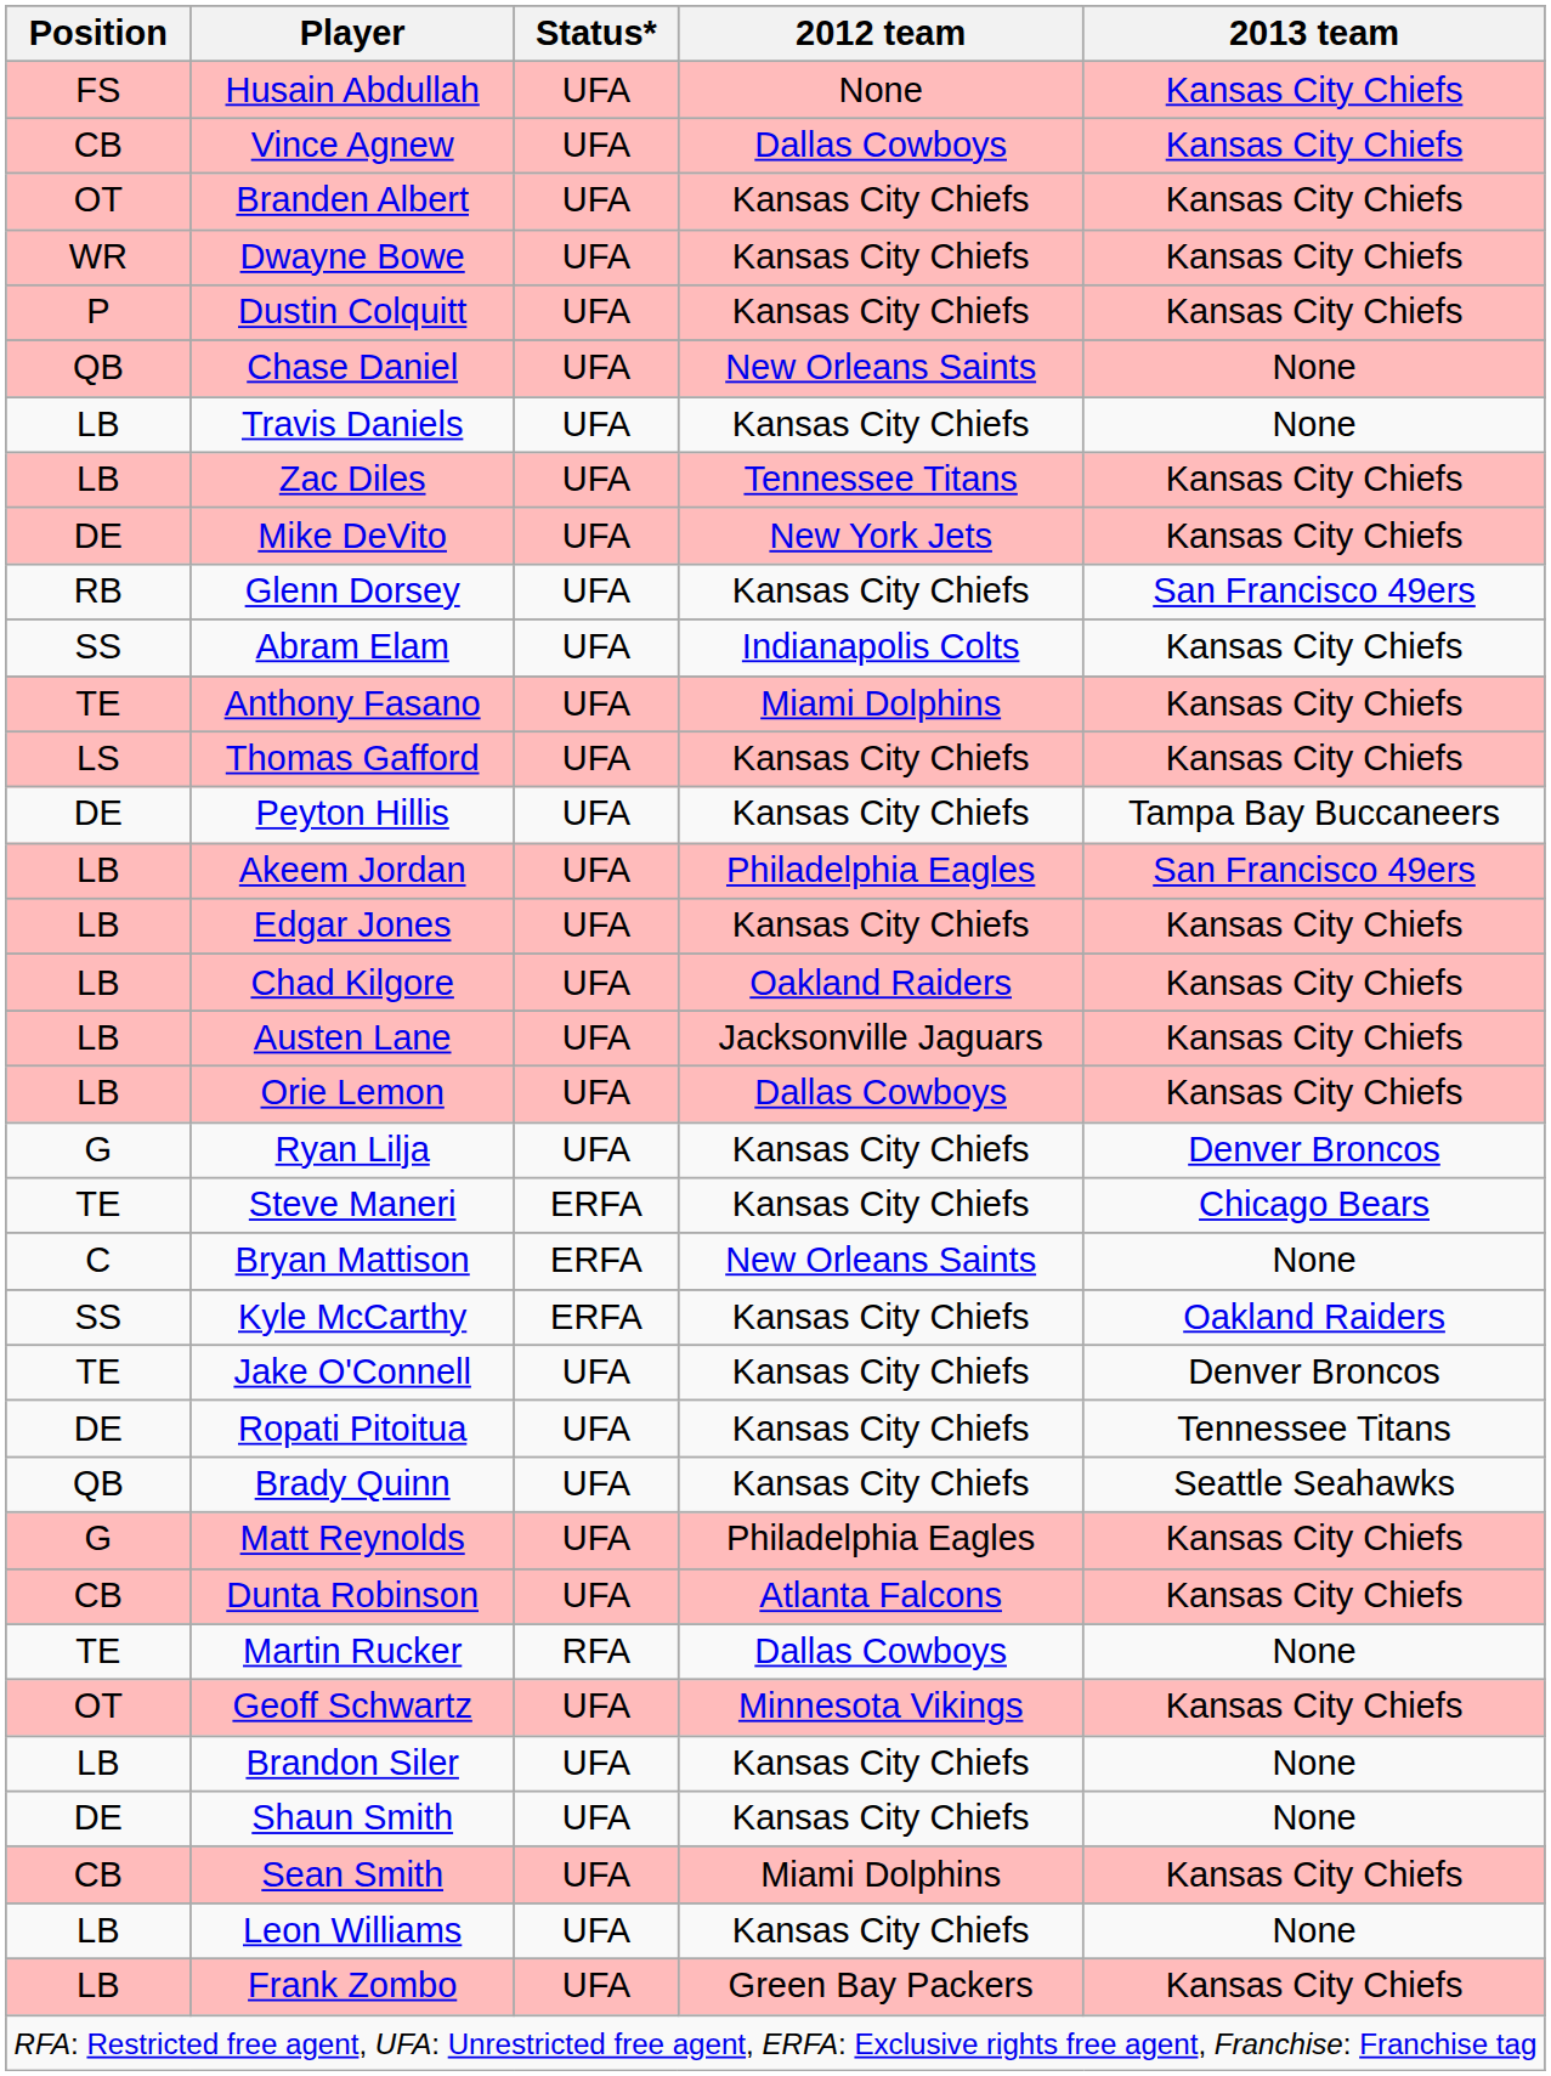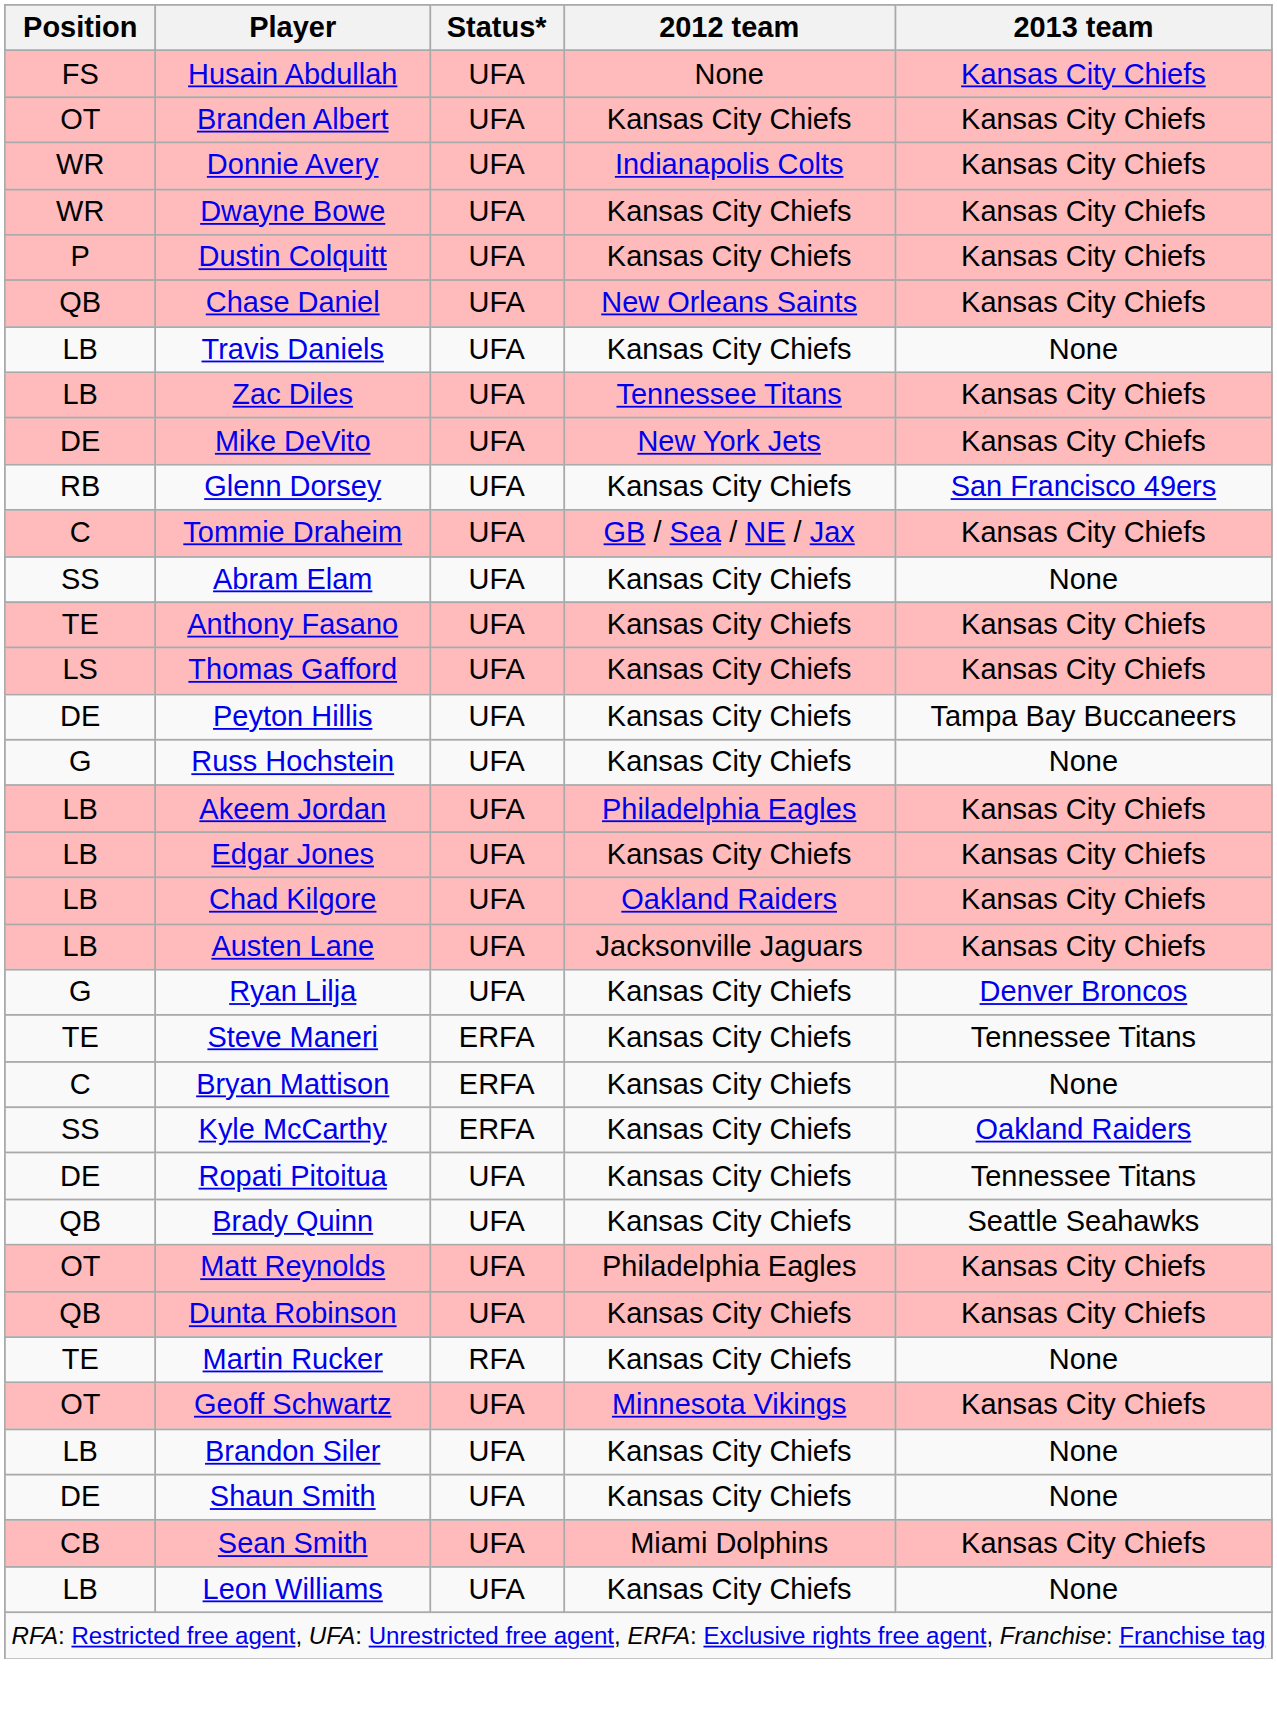 <table class="wikitable sortable" style="text-align:center">
 <tr>
 <th>Position</th>
 <th>Player</th>
 <th>Status*</th>
 <th>2012 team</th>
 <th>2013 team</th>
 </tr>
 <tr style="background:#fbb">
 <td>FS</td>
 <td><a href='#'>Husain Abdullah</a></td>
 <td>UFA</td>
 <td>None</td>
 <td><a href='#'>Kansas City Chiefs</a></td>
 </tr>
 <tr style="background:#fbb">
-<td>CB</td>
-<td><a href='#'>Vince Agnew</a></td>
-<td>UFA</td>
-<td><a href='#'>Dallas Cowboys</a></td>
-<td><a href='#'>Kansas City Chiefs</a></td>
-</tr>
-<tr style="background:#fbb">
 <td>OT</td>
 <td><a href='#'>Branden Albert</a></td>
 <td>UFA</td>
 <td>Kansas City Chiefs</td>
+<td>Kansas City Chiefs</td>
+</tr>
+<tr style="background:#fbb">
+<td>WR</td>
+<td><a href='#'>Donnie Avery</a></td>
+<td>UFA</td>
+<td><a href='#'>Indianapolis Colts</a></td>
 <td>Kansas City Chiefs</td>
 </tr>
 <tr style="background:#fbb">
 <td>WR</td>
 <td><a href='#'>Dwayne Bowe</a></td>
 <td>UFA</td>
 <td>Kansas City Chiefs</td>
 <td>Kansas City Chiefs</td>
 </tr>
 <tr style="background:#fbb">
 <td>P</td>
 <td><a href='#'>Dustin Colquitt</a></td>
 <td>UFA</td>
 <td>Kansas City Chiefs</td>
 <td>Kansas City Chiefs</td>
 </tr>
 <tr style="background:#fbb">
 <td>QB</td>
 <td><a href='#'>Chase Daniel</a></td>
 <td>UFA</td>
 <td><a href='#'>New Orleans Saints</a></td>
-<td>None</td>
+<td>Kansas City Chiefs</td>
 </tr>
 <tr>
 <td>LB</td>
 <td><a href='#'>Travis Daniels</a></td>
 <td>UFA</td>
 <td>Kansas City Chiefs</td>
 <td>None</td>
 </tr>
 <tr style="background:#fbb">
 <td>LB</td>
 <td><a href='#'>Zac Diles</a></td>
 <td>UFA</td>
 <td><a href='#'>Tennessee Titans</a></td>
 <td>Kansas City Chiefs</td>
 </tr>
 <tr style="background:#fbb">
 <td>DE</td>
 <td><a href='#'>Mike DeVito</a></td>
 <td>UFA</td>
 <td><a href='#'>New York Jets</a></td>
 <td>Kansas City Chiefs</td>
 </tr>
 <tr>
 <td>RB</td>
 <td><a href='#'>Glenn Dorsey</a></td>
 <td>UFA</td>
 <td>Kansas City Chiefs</td>
 <td><a href='#'>San Francisco 49ers</a></td>
 </tr>
+<tr style="background:#fbb">
+<td>C</td>
+<td><a href='#'>Tommie Draheim</a></td>
+<td>UFA</td>
+<td><a href='#'>GB</a> / <a href='#'>Sea</a> / <a href='#'>NE</a> / <a href='#'>Jax</a></td>
+<td>Kansas City Chiefs</td>
+</tr>
 <tr>
 <td>SS</td>
 <td><a href='#'>Abram Elam</a></td>
 <td>UFA</td>
-<td><a href='#'>Indianapolis Colts</a></td>
 <td>Kansas City Chiefs</td>
+<td>None</td>
 </tr>
 <tr style="background:#fbb">
 <td>TE</td>
 <td><a href='#'>Anthony Fasano</a></td>
 <td>UFA</td>
-<td><a href='#'>Miami Dolphins</a></td>
+<td>Kansas City Chiefs</td>
 <td>Kansas City Chiefs</td>
 </tr>
 <tr style="background:#fbb">
 <td>LS</td>
 <td><a href='#'>Thomas Gafford</a></td>
 <td>UFA</td>
 <td>Kansas City Chiefs</td>
 <td>Kansas City Chiefs</td>
 </tr>
 <tr>
 <td>DE</td>
 <td><a href='#'>Peyton Hillis</a></td>
 <td>UFA</td>
 <td>Kansas City Chiefs</td>
 <td>Tampa Bay Buccaneers</td>
 </tr>
+<tr>
+<td>G</td>
+<td><a href='#'>Russ Hochstein</a></td>
+<td>UFA</td>
+<td>Kansas City Chiefs</td>
+<td>None</td>
+</tr>
 <tr style="background:#fbb">
 <td>LB</td>
 <td><a href='#'>Akeem Jordan</a></td>
 <td>UFA</td>
 <td><a href='#'>Philadelphia Eagles</a></td>
-<td><a href='#'>San Francisco 49ers</a></td>
+<td>Kansas City Chiefs</td>
 </tr>
 <tr style="background:#fbb">
 <td>LB</td>
 <td><a href='#'>Edgar Jones</a></td>
 <td>UFA</td>
 <td>Kansas City Chiefs</td>
 <td>Kansas City Chiefs</td>
 </tr>
 <tr style="background:#fbb">
 <td>LB</td>
 <td><a href='#'>Chad Kilgore</a></td>
 <td>UFA</td>
 <td><a href='#'>Oakland Raiders</a></td>
 <td>Kansas City Chiefs</td>
 </tr>
 <tr style="background:#fbb">
 <td>LB</td>
 <td><a href='#'>Austen Lane</a></td>
 <td>UFA</td>
 <td>Jacksonville Jaguars</td>
 <td>Kansas City Chiefs</td>
 </tr>
-<tr style="background:#fbb">
-<td>LB</td>
-<td><a href='#'>Orie Lemon</a></td>
-<td>UFA</td>
-<td><a href='#'>Dallas Cowboys</a></td>
-<td>Kansas City Chiefs</td>
-</tr>
 <tr>
 <td>G</td>
 <td><a href='#'>Ryan Lilja</a></td>
 <td>UFA</td>
 <td>Kansas City Chiefs</td>
 <td><a href='#'>Denver Broncos</a></td>
 </tr>
 <tr>
 <td>TE</td>
 <td><a href='#'>Steve Maneri</a></td>
 <td>ERFA</td>
 <td>Kansas City Chiefs</td>
-<td><a href='#'>Chicago Bears</a></td>
+<td>Tennessee Titans</td>
 </tr>
 <tr>
 <td>C</td>
 <td><a href='#'>Bryan Mattison</a></td>
 <td>ERFA</td>
-<td><a href='#'>New Orleans Saints</a></td>
+<td>Kansas City Chiefs</td>
 <td>None</td>
 </tr>
 <tr>
 <td>SS</td>
 <td><a href='#'>Kyle McCarthy</a></td>
 <td>ERFA</td>
 <td>Kansas City Chiefs</td>
 <td><a href='#'>Oakland Raiders</a></td>
-</tr>
-<tr>
-<td>TE</td>
-<td><a href='#'>Jake O'Connell</a></td>
-<td>UFA</td>
-<td>Kansas City Chiefs</td>
-<td>Denver Broncos</td>
 </tr>
 <tr>
 <td>DE</td>
 <td><a href='#'>Ropati Pitoitua</a></td>
 <td>UFA</td>
 <td>Kansas City Chiefs</td>
 <td>Tennessee Titans</td>
 </tr>
 <tr>
 <td>QB</td>
 <td><a href='#'>Brady Quinn</a></td>
 <td>UFA</td>
 <td>Kansas City Chiefs</td>
 <td>Seattle Seahawks</td>
 </tr>
 <tr style="background:#fbb">
-<td>G</td>
+<td>OT</td>
 <td><a href='#'>Matt Reynolds</a></td>
 <td>UFA</td>
 <td>Philadelphia Eagles</td>
 <td>Kansas City Chiefs</td>
 </tr>
 <tr style="background:#fbb">
-<td>CB</td>
+<td>QB</td>
 <td><a href='#'>Dunta Robinson</a></td>
 <td>UFA</td>
-<td><a href='#'>Atlanta Falcons</a></td>
+<td>Kansas City Chiefs</td>
 <td>Kansas City Chiefs</td>
 </tr>
 <tr>
 <td>TE</td>
 <td><a href='#'>Martin Rucker</a></td>
 <td>RFA</td>
-<td><a href='#'>Dallas Cowboys</a></td>
+<td>Kansas City Chiefs</td>
 <td>None</td>
 </tr>
 <tr style="background:#fbb">
 <td>OT</td>
 <td><a href='#'>Geoff Schwartz</a></td>
 <td>UFA</td>
 <td><a href='#'>Minnesota Vikings</a></td>
 <td>Kansas City Chiefs</td>
 </tr>
 <tr>
 <td>LB</td>
 <td><a href='#'>Brandon Siler</a></td>
 <td>UFA</td>
 <td>Kansas City Chiefs</td>
 <td>None</td>
 </tr>
 <tr>
 <td>DE</td>
 <td><a href='#'>Shaun Smith</a></td>
 <td>UFA</td>
 <td>Kansas City Chiefs</td>
 <td>None</td>
 </tr>
 <tr style="background:#fbb">
 <td>CB</td>
 <td><a href='#'>Sean Smith</a></td>
 <td>UFA</td>
 <td>Miami Dolphins</td>
 <td>Kansas City Chiefs</td>
 </tr>
 <tr>
 <td>LB</td>
 <td><a href='#'>Leon Williams</a></td>
 <td>UFA</td>
 <td>Kansas City Chiefs</td>
 <td>None</td>
 </tr>
-<tr style="background:#fbb">
-<td>LB</td>
-<td><a href='#'>Frank Zombo</a></td>
-<td>UFA</td>
-<td>Green Bay Packers</td>
-<td>Kansas City Chiefs</td>
-</tr>
 <tr>
 <td colspan=5><small><em>RFA</em>: <a href='#'>Restricted free agent</a>, <em>UFA</em>: <a href='#'>Unrestricted free agent</a>, <em>ERFA</em>: <a href='#'>Exclusive rights free agent</a>, <em>Franchise</em>: <a href='#'>Franchise tag</a></small></td>
 </tr>
 </table>
